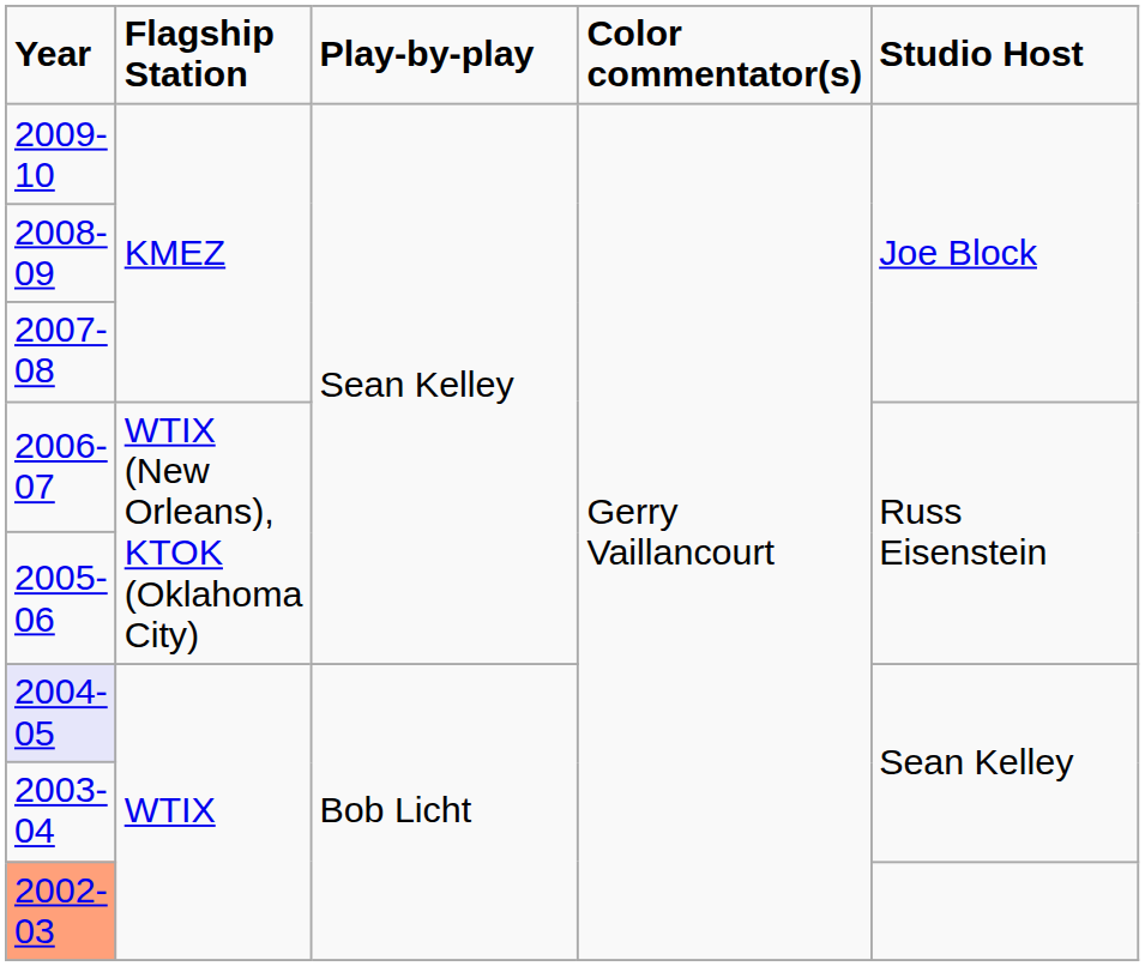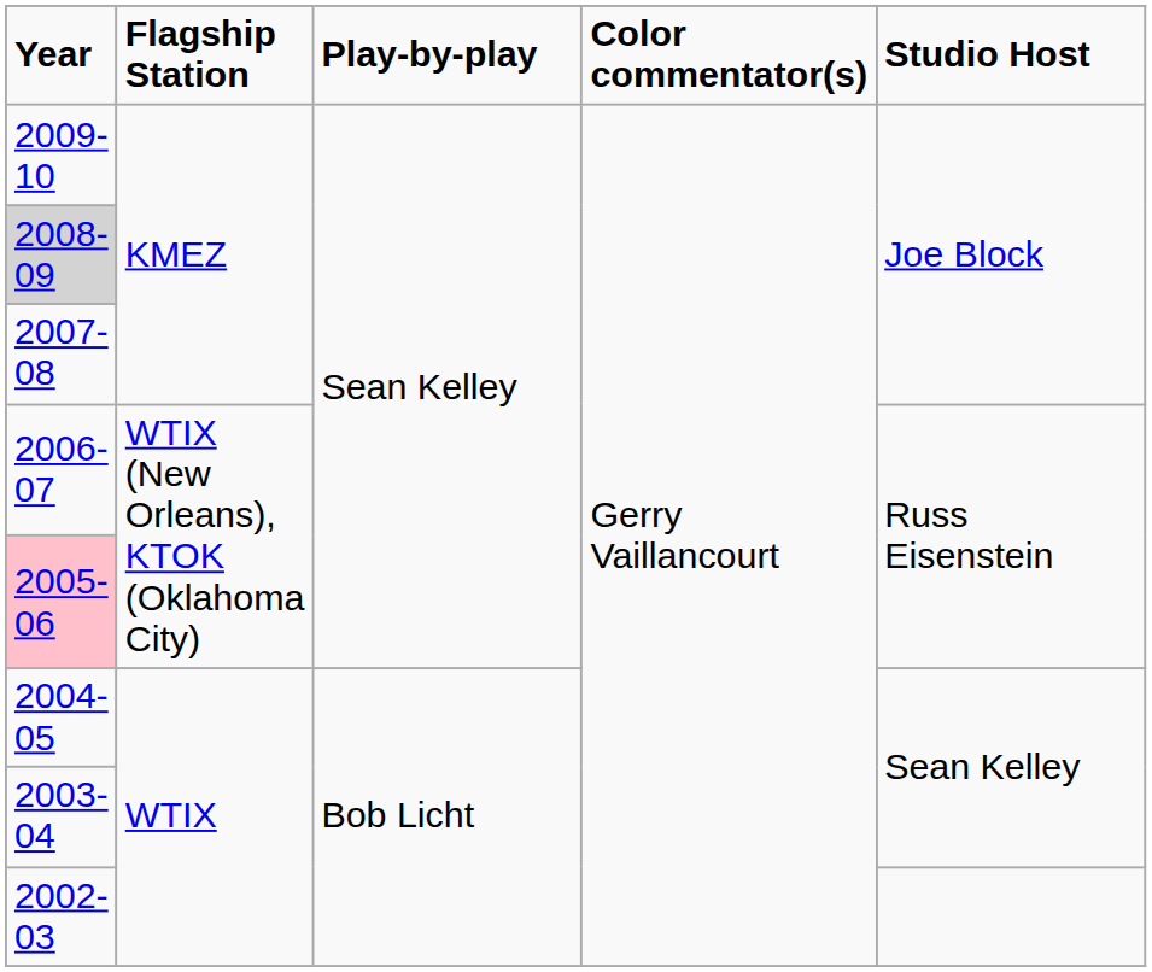 <table class="wikitable">
 <tr>
 <td width="40"><strong>Year</strong></td>
 <td width="40"><strong>Flagship Station</strong></td>
 <td width="110"><strong>Play-by-play</strong></td>
 <td width="110"><strong>Color commentator(s)</strong></td>
 <td width="110"><strong>Studio Host</strong></td>
 </tr>
 <tr>
 <td><a href='#'>2009-10</a></td>
 <td rowspan=3><a href='#'>KMEZ</a></td>
 <td rowspan=5>Sean Kelley</td>
 <td rowspan=8>Gerry Vaillancourt</td>
 <td rowspan=3><a href='#'>Joe Block</a></td>
 </tr>
 <tr>
-<td><a href='#'>2008-09</a></td>
+<td style="background: lightgrey;"><a href='#'>2008-09</a></td>
 </tr>
 <tr>
 <td><a href='#'>2007-08</a></td>
 </tr>
 <tr>
 <td><a href='#'>2006-07</a></td>
 <td rowspan=2><a href='#'>WTIX</a> (New Orleans), <a href='#'>KTOK</a> (Oklahoma City)</td>
 <td rowspan=2>Russ Eisenstein</td>
 </tr>
 <tr>
-<td><a href='#'>2005-06</a></td>
+<td style="background: pink;"><a href='#'>2005-06</a></td>
 </tr>
 <tr>
-<td style="background: lavender;"><a href='#'>2004-05</a></td>
+<td><a href='#'>2004-05</a></td>
 <td rowspan=3><a href='#'>WTIX</a></td>
 <td rowspan=3>Bob Licht</td>
 <td rowspan=2>Sean Kelley</td>
 </tr>
 <tr>
 <td><a href='#'>2003-04</a></td>
 </tr>
 <tr>
-<td style="background: lightsalmon;"><a href='#'>2002-03</a></td>
+<td><a href='#'>2002-03</a></td>
 <td></td>
 </tr>
 </table>
